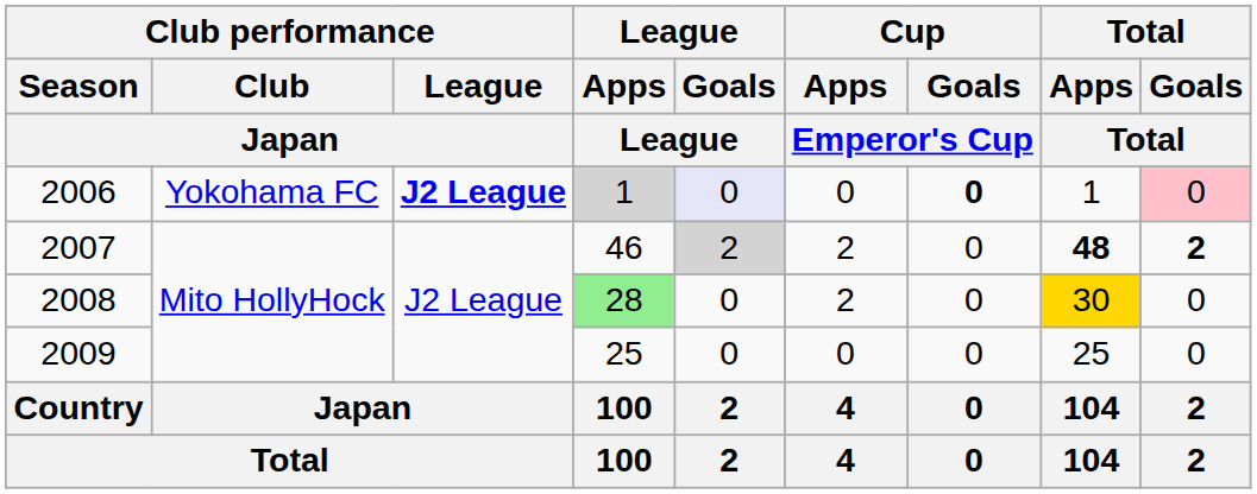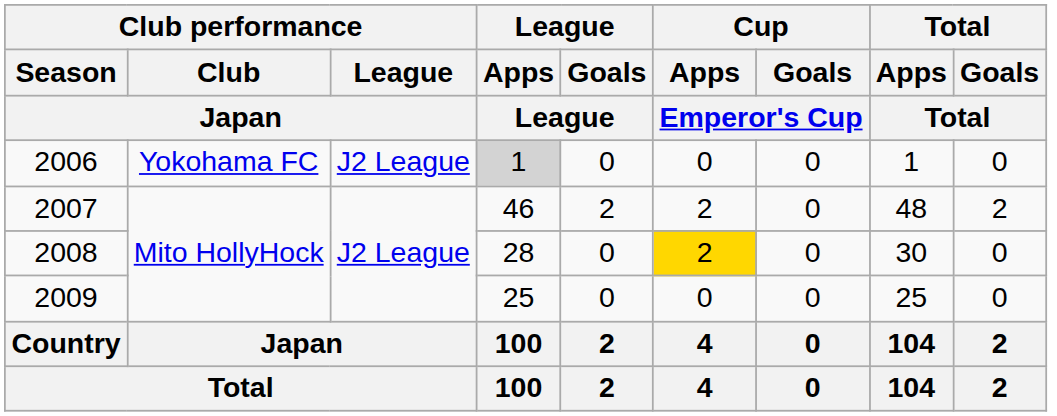 <table class="wikitable" style="text-align:center;">
 <tr>
 <th colspan=3>Club performance</th>
 <th colspan=2>League</th>
 <th colspan=2>Cup</th>
 <th colspan=2>Total</th>
 </tr>
 <tr>
 <th>Season</th>
 <th>Club</th>
 <th>League</th>
 <th>Apps</th>
 <th>Goals</th>
 <th>Apps</th>
 <th>Goals</th>
 <th>Apps</th>
 <th>Goals</th>
 </tr>
 <tr>
 <th colspan=3>Japan</th>
 <th colspan=2>League</th>
 <th colspan=2><a href='#'>Emperor's Cup</a></th>
 <th colspan=2>Total</th>
 </tr>
 <tr>
 <td>2006</td>
 <td><a href='#'>Yokohama FC</a></td>
-<td><strong><a href='#'>J2 League</a></strong></td>
+<td><a href='#'>J2 League</a></td>
 <td style="background: lightgrey;">1</td>
-<td style="background: lavender;">0</td>
 <td>0</td>
-<td><strong>0</strong></td>
+<td>0</td>
+<td>0</td>
 <td>1</td>
-<td style="background: pink;">0</td>
+<td>0</td>
 </tr>
 <tr>
 <td>2007</td>
 <td rowspan="3"><a href='#'>Mito HollyHock</a></td>
 <td rowspan="3"><a href='#'>J2 League</a></td>
 <td>46</td>
-<td style="background: lightgrey;">2</td>
+<td>2</td>
 <td>2</td>
 <td>0</td>
-<td><strong>48</strong></td>
-<td><strong>2</strong></td>
+<td>48</td>
+<td>2</td>
 </tr>
 <tr>
 <td>2008</td>
-<td style="background: lightgreen;">28</td>
+<td>28</td>
 <td>0</td>
-<td>2</td>
+<td style="background: gold;">2</td>
 <td>0</td>
-<td style="background: gold;">30</td>
+<td>30</td>
 <td>0</td>
 </tr>
 <tr>
 <td>2009</td>
 <td>25</td>
 <td>0</td>
 <td>0</td>
 <td>0</td>
 <td>25</td>
 <td>0</td>
 </tr>
 <tr>
 <th rowspan=1>Country</th>
 <th colspan=2>Japan</th>
 <th>100</th>
 <th>2</th>
 <th>4</th>
 <th>0</th>
 <th>104</th>
 <th>2</th>
 </tr>
 <tr>
 <th colspan=3>Total</th>
 <th>100</th>
 <th>2</th>
 <th>4</th>
 <th>0</th>
 <th>104</th>
 <th>2</th>
 </tr>
 </table>
